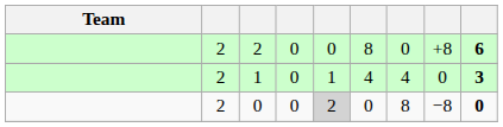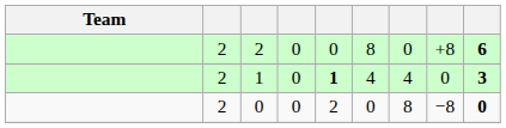 <table class="wikitable" style="text-align: center;">
 <tr>
 <th width="165">Team</th>
 <th width="25"></th>
 <th width="25"></th>
 <th width="25"></th>
 <th width="25"></th>
 <th width="25"></th>
 <th width="25"></th>
 <th width="25"></th>
 <th width="25"></th>
 </tr>
 <tr style="background:#cfc;">
 <td align=left></td>
 <td>2</td>
 <td>2</td>
 <td>0</td>
 <td>0</td>
 <td>8</td>
 <td>0</td>
 <td>+8</td>
 <td><strong>6</strong></td>
 </tr>
 <tr>
 </tr>
 <tr style="background:#cfc;">
 <td align=left></td>
 <td>2</td>
 <td>1</td>
 <td>0</td>
-<td>1</td>
+<td><strong>1</strong></td>
 <td>4</td>
 <td>4</td>
 <td>0</td>
 <td><strong>3</strong></td>
 </tr>
 <tr>
 <td align=left></td>
 <td>2</td>
 <td>0</td>
 <td>0</td>
-<td style="background: lightgrey;">2</td>
+<td>2</td>
 <td>0</td>
 <td>8</td>
 <td>−8</td>
 <td><strong>0</strong></td>
 </tr>
 <tr>
 </tr>
 </table>
